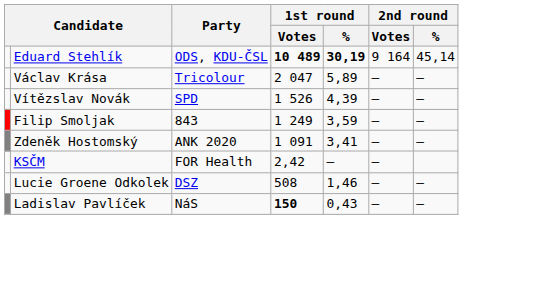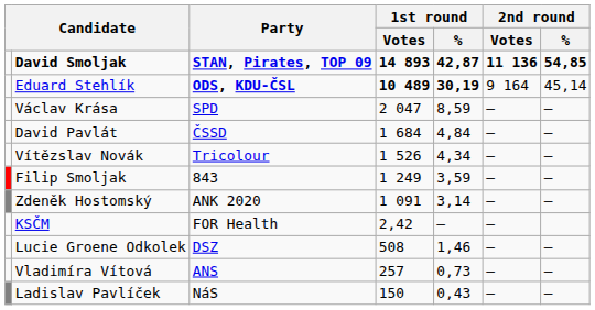 <table class="wikitable sortable">
 <tr>
 <th colspan="2" rowspan="2">Candidate</th>
 <th rowspan="2">Party</th>
 <th colspan="2">1st round</th>
 <th colspan="2">2nd round</th>
 </tr>
 <tr>
 <th>Votes</th>
 <th>%</th>
 <th>Votes</th>
 <th>%</th>
 </tr>
 <tr>
 <td style="background-color:"></td>
+<td><strong>David Smoljak</strong></td>
+<td><strong><a href='#'>STAN</a>, <a href='#'>Pirates</a>, <a href='#'>TOP 09</a></strong></td>
+<td><strong>14 893</strong></td>
+<td><strong>42,87</strong></td>
+<td><strong>11 136</strong></td>
+<td><strong>54,85</strong></td>
+</tr>
+<tr>
+<td style="background-color:"></td>
 <td><a href='#'>Eduard Stehlík</a></td>
-<td><a href='#'>ODS</a>, <a href='#'>KDU-ČSL</a></td>
+<td><strong><a href='#'>ODS</a>, <a href='#'>KDU-ČSL</a></strong></td>
 <td><strong>10 489</strong></td>
 <td><strong>30,19</strong></td>
 <td>9 164</td>
 <td>45,14</td>
 </tr>
 <tr>
 <td style="background-color:"></td>
 <td>Václav Krása</td>
-<td><a href='#'>Tricolour</a></td>
+<td><a href='#'>SPD</a></td>
 <td>2 047</td>
-<td>5,89</td>
+<td>8,59</td>
+<td>—</td>
+<td>—</td>
+</tr>
+<tr>
+<td style="background-color:"></td>
+<td>David Pavlát</td>
+<td><a href='#'>ČSSD</a></td>
+<td>1 684</td>
+<td>4,84</td>
 <td>—</td>
 <td>—</td>
 </tr>
 <tr>
 <td style="background-color:"></td>
 <td>Vítězslav Novák</td>
-<td><a href='#'>SPD</a></td>
+<td><a href='#'>Tricolour</a></td>
 <td>1 526</td>
-<td>4,39</td>
+<td>4,34</td>
 <td>—</td>
 <td>—</td>
 </tr>
 <tr>
 <td style="background-color:red"></td>
 <td>Filip Smoljak</td>
 <td>843</td>
 <td>1 249</td>
 <td>3,59</td>
 <td>—</td>
 <td>—</td>
 </tr>
 <tr>
 <td style="background-color:grey"></td>
 <td>Zdeněk Hostomský</td>
 <td>ANK 2020</td>
 <td>1 091</td>
-<td>3,41</td>
+<td>3,14</td>
 <td>—</td>
 <td>—</td>
 </tr>
 <tr>
 <td style="background-color:"></td>
 <td><a href='#'>KSČM</a></td>
 <td>FOR Health</td>
 <td>2,42</td>
 <td>—</td>
 <td>—</td>
 </tr>
 <tr>
 <td style="background-color:"></td>
 <td>Lucie Groene Odkolek</td>
 <td><a href='#'>DSZ</a></td>
 <td>508</td>
 <td>1,46</td>
 <td>—</td>
 <td>—</td>
 </tr>
 <tr>
+<td style="background-color:"></td>
+<td>Vladimíra Vítová</td>
+<td><a href='#'>ANS</a></td>
+<td>257</td>
+<td>0,73</td>
+<td>—</td>
+<td>—</td>
+</tr>
+<tr>
 <td style="background-color:grey"></td>
 <td>Ladislav Pavlíček</td>
 <td>NáS</td>
-<td><strong>150</strong></td>
+<td>150</td>
 <td>0,43</td>
 <td>—</td>
 <td>—</td>
 </tr>
 </table>
